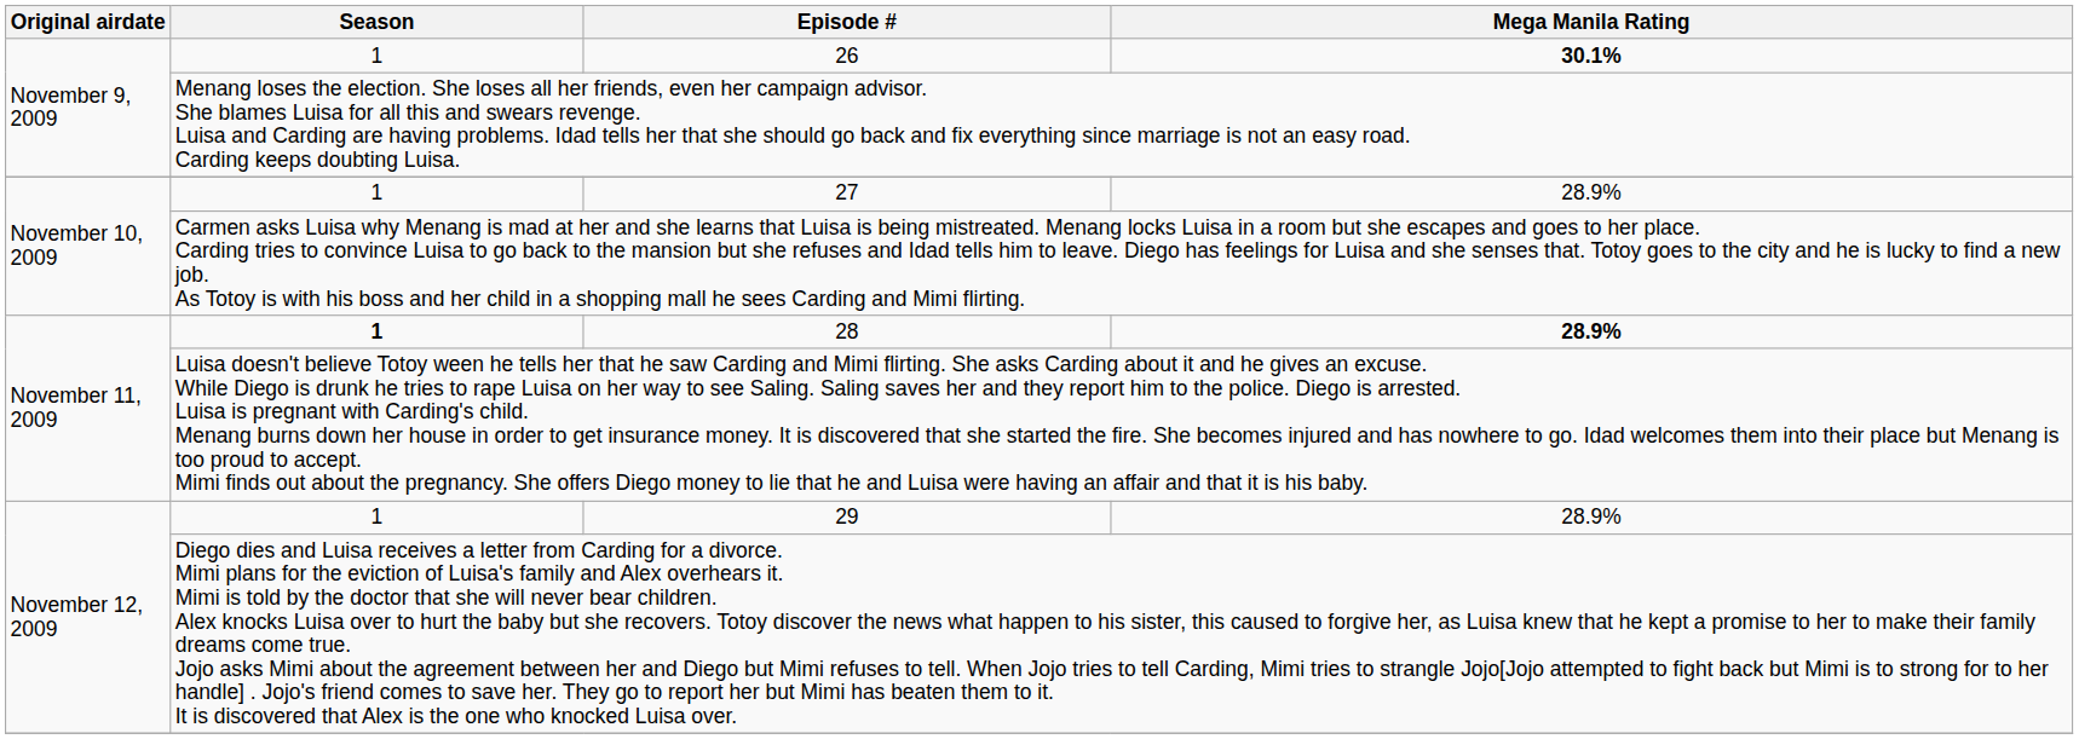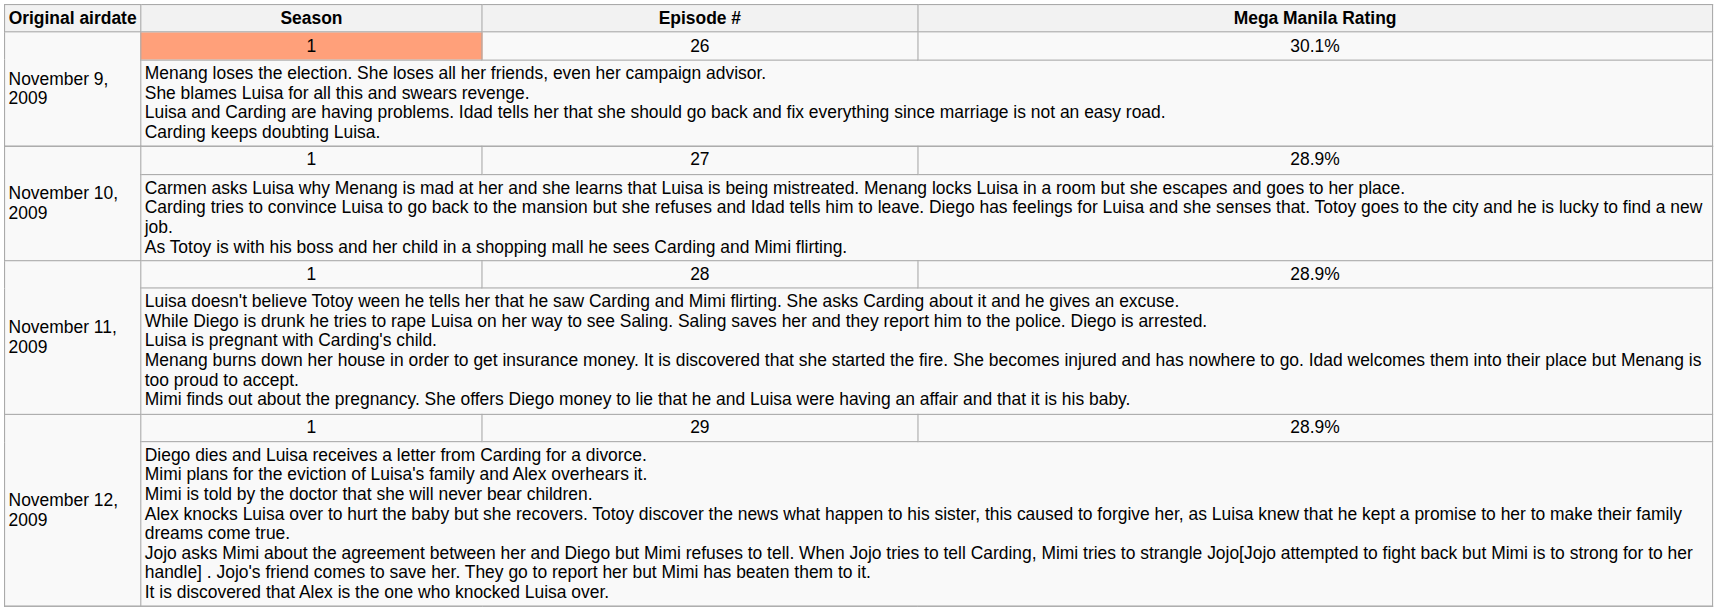 <table class="wikitable">
 <tr>
 <th>Original airdate</th>
 <th>Season</th>
 <th>Episode #</th>
 <th>Mega Manila Rating</th>
 </tr>
 <tr>
 <td rowspan="2">November 9, 2009</td>
-<td align="center">1</td>
+<td align="center" style="background: lightsalmon;">1</td>
 <td align="center">26</td>
-<td align="center"><strong>30.1%</strong></td>
+<td align="center">30.1%</td>
 </tr>
 <tr>
 <td colspan="5">Menang loses the election. She loses all her friends, even her campaign advisor.<br>She blames Luisa for all this and swears revenge.<br>Luisa and Carding are having problems. Idad tells her that she should go back and fix everything since marriage is not an easy road.<br>Carding keeps doubting Luisa.</td>
 </tr>
 <tr>
 </tr>
 <tr>
 <td rowspan="2">November 10, 2009</td>
 <td align="center">1</td>
 <td align="center">27</td>
 <td align="center">28.9%</td>
 </tr>
 <tr>
 <td colspan="5">Carmen asks Luisa why Menang is mad at her and she learns that Luisa is being mistreated. Menang locks Luisa in a room but she escapes and goes to her place.<br>Carding tries to convince Luisa to go back to the mansion but she refuses and Idad tells him to leave. Diego has feelings for Luisa and she senses that. Totoy goes to the city and he is lucky to find a new job.<br>As Totoy is with his boss and her child in a shopping mall he sees Carding and Mimi flirting.</td>
 </tr>
 <tr>
 <td rowspan="2">November 11, 2009</td>
-<td align="center"><strong>1</strong></td>
+<td align="center">1</td>
 <td align="center">28</td>
-<td align="center"><strong>28.9%</strong></td>
+<td align="center">28.9%</td>
 </tr>
 <tr>
 <td colspan="5">Luisa doesn't believe Totoy ween he tells her that he saw Carding and Mimi flirting. She asks Carding about it and he gives an excuse.<br>While Diego is drunk he tries to rape Luisa on her way to see Saling. Saling saves her and they report him to the police. Diego is arrested.<br>Luisa is pregnant with Carding's child.<br>Menang burns down her house in order to get insurance money. It is discovered that she started the fire. She becomes injured and has nowhere to go. Idad welcomes them into their place but Menang is too proud to accept.<br>Mimi finds out about the pregnancy. She offers Diego money to lie that he and Luisa were having an affair and that it is his baby.</td>
 </tr>
 <tr>
 <td rowspan="2">November 12, 2009</td>
 <td align="center">1</td>
 <td align="center">29</td>
 <td align="center">28.9%</td>
 </tr>
 <tr>
 <td colspan="5">Diego dies and Luisa receives a letter from Carding for a divorce.<br>Mimi plans for the eviction of Luisa's family and Alex overhears it.<br>Mimi is told by the doctor that she will never bear children.<br>Alex knocks Luisa over to hurt the baby but she recovers. Totoy discover the news what happen to his sister, this caused to forgive her, as Luisa knew that he kept a promise to her to make their family dreams come true.<br>Jojo asks Mimi about the agreement between her and Diego but Mimi refuses to tell. When Jojo tries to tell Carding, Mimi tries to strangle Jojo[Jojo attempted to fight back but Mimi is to strong for to her handle] . Jojo's friend comes to save her. They go to report her but Mimi has beaten them to it.<br>It is discovered that Alex is the one who knocked Luisa over.</td>
 </tr>
 <tr>
 </tr>
 </table>
